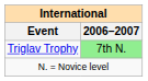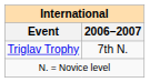 <table class="wikitable" style="text-align:center">
 <tr>
 <th style="background-color: #ffdead; " colspan=2 align=center><strong>International</strong></th>
 </tr>
 <tr>
 <th>Event</th>
 <th>2006–2007</th>
 </tr>
 <tr>
 <td align=left><a href='#'>Triglav Trophy</a></td>
-<td style="background: lightgreen;">7th N.</td>
+<td>7th N.</td>
 </tr>
 <tr>
 <td colspan=2 align=center><small> N. = Novice level </small></td>
 </tr>
 </table>
